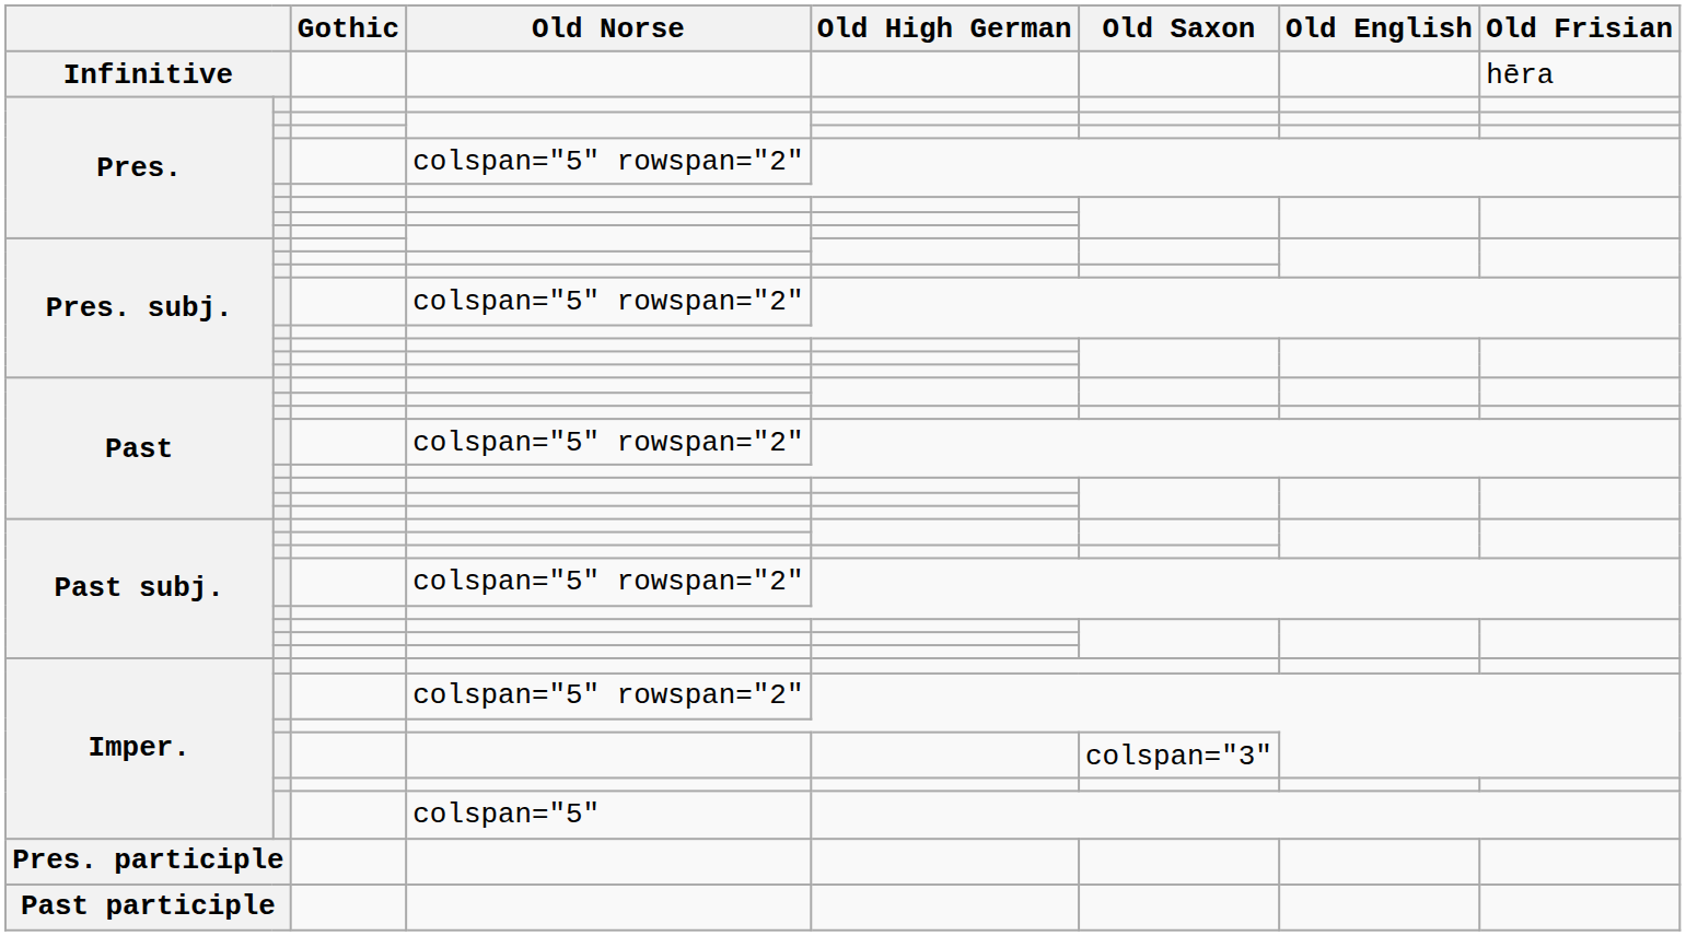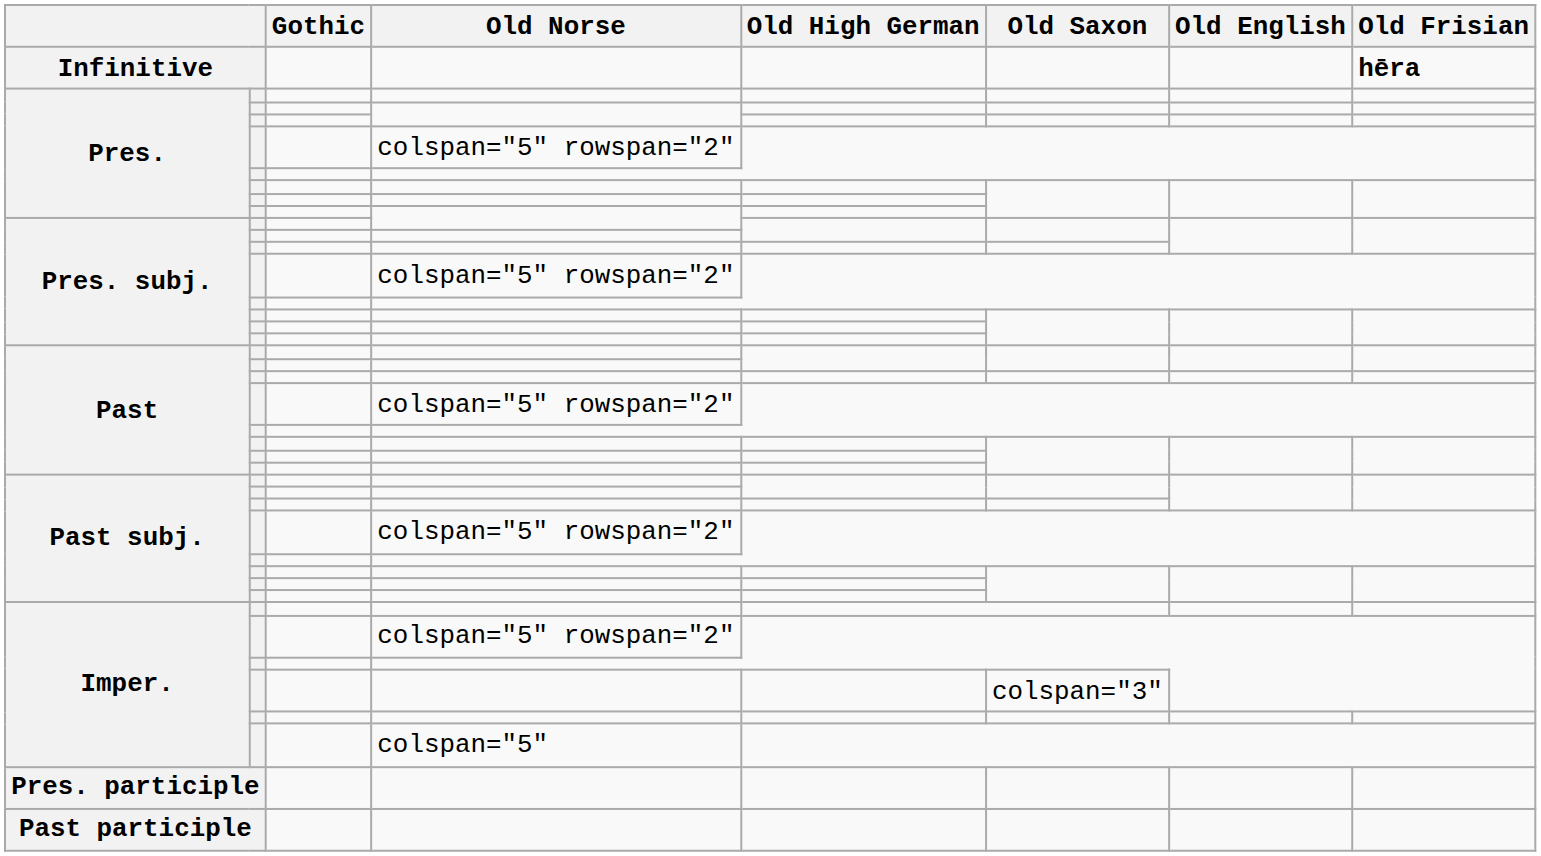 <table class="wikitable">
 <tr>
 <th colspan=2></th>
 <th>Gothic</th>
 <th>Old Norse</th>
 <th>Old High German</th>
 <th>Old Saxon</th>
 <th>Old English</th>
 <th>Old Frisian</th>
 </tr>
 <tr>
 <th colspan=2>Infinitive</th>
 <td></td>
 <td></td>
 <td></td>
 <td></td>
 <td></td>
-<td>hēra</td>
+<td><strong>hēra</strong></td>
 </tr>
 <tr>
 <th rowspan=8>Pres.</th>
 <th></th>
 <td></td>
 <td></td>
 <td></td>
 <td></td>
 <td></td>
 <td></td>
 </tr>
 <tr>
 <th></th>
 <td></td>
 <td rowspan="2"></td>
 <td></td>
 <td></td>
 <td></td>
 <td></td>
 </tr>
 <tr>
 <th></th>
 <td></td>
 <td></td>
 <td></td>
 <td></td>
 <td></td>
 </tr>
 <tr>
 <th></th>
 <td></td>
 <td>colspan="5" rowspan="2" </td>
 </tr>
 <tr>
 <th></th>
 <td></td>
 </tr>
 <tr>
 <th></th>
 <td></td>
 <td></td>
 <td></td>
 <td rowspan="3"></td>
 <td rowspan="3"></td>
 <td rowspan="3"></td>
 </tr>
 <tr>
 <th></th>
 <td></td>
 <td></td>
 <td></td>
 </tr>
 <tr>
 <th></th>
 <td></td>
 <td rowspan="2"></td>
 <td></td>
 </tr>
 <tr>
 <th rowspan=8>Pres. subj.</th>
 <th></th>
 <td></td>
 <td rowspan="2"></td>
 <td rowspan="2"></td>
 <td rowspan="3"></td>
 <td rowspan="3"></td>
 </tr>
 <tr>
 <th></th>
 <td></td>
 <td></td>
 </tr>
 <tr>
 <th></th>
 <td></td>
 <td></td>
 <td></td>
 <td></td>
 </tr>
 <tr>
 <th></th>
 <td></td>
 <td>colspan="5" rowspan="2" </td>
 </tr>
 <tr>
 <th></th>
 <td></td>
 </tr>
 <tr>
 <th></th>
 <td></td>
 <td></td>
 <td></td>
 <td rowspan="3"></td>
 <td rowspan="3"></td>
 <td rowspan="3"></td>
 </tr>
 <tr>
 <th></th>
 <td></td>
 <td></td>
 <td></td>
 </tr>
 <tr>
 <th></th>
 <td></td>
 <td></td>
 <td></td>
 </tr>
 <tr>
 <th rowspan=8>Past</th>
 <th></th>
 <td></td>
 <td></td>
 <td rowspan="2"></td>
 <td rowspan="2"></td>
 <td rowspan="2"></td>
 <td rowspan="2"></td>
 </tr>
 <tr>
 <th></th>
 <td></td>
 <td></td>
 </tr>
 <tr>
 <th></th>
 <td></td>
 <td></td>
 <td></td>
 <td></td>
 <td></td>
 <td></td>
 </tr>
 <tr>
 <th></th>
 <td></td>
 <td>colspan="5" rowspan="2" </td>
 </tr>
 <tr>
 <th></th>
 <td></td>
 </tr>
 <tr>
 <th></th>
 <td></td>
 <td></td>
 <td></td>
 <td rowspan="3"></td>
 <td rowspan="3"></td>
 <td rowspan="3"></td>
 </tr>
 <tr>
 <th></th>
 <td></td>
 <td></td>
 <td></td>
 </tr>
 <tr>
 <th></th>
 <td></td>
 <td></td>
 <td></td>
 </tr>
 <tr>
 <th rowspan=8>Past subj.</th>
 <th></th>
 <td></td>
 <td></td>
 <td rowspan="2"></td>
 <td rowspan="2"></td>
 <td rowspan="3"></td>
 <td rowspan="3"></td>
 </tr>
 <tr>
 <th></th>
 <td></td>
 <td></td>
 </tr>
 <tr>
 <th></th>
 <td></td>
 <td></td>
 <td></td>
 <td></td>
 </tr>
 <tr>
 <th></th>
 <td></td>
 <td>colspan="5" rowspan="2" </td>
 </tr>
 <tr>
 <th></th>
 <td></td>
 </tr>
 <tr>
 <th></th>
 <td></td>
 <td></td>
 <td></td>
 <td rowspan="3"></td>
 <td rowspan="3"></td>
 <td rowspan="3"></td>
 </tr>
 <tr>
 <th></th>
 <td></td>
 <td></td>
 <td></td>
 </tr>
 <tr>
 <th></th>
 <td></td>
 <td></td>
 <td></td>
 </tr>
 <tr>
 <th rowspan=6>Imper.</th>
 <th></th>
 <td></td>
 <td></td>
 <td colspan="2"></td>
 <td></td>
 <td></td>
 </tr>
 <tr>
 <th></th>
 <td></td>
 <td>colspan="5" rowspan="2" </td>
 </tr>
 <tr>
 <th></th>
 <td></td>
 </tr>
 <tr>
 <th></th>
 <td></td>
 <td></td>
 <td></td>
 <td>colspan="3" </td>
 </tr>
 <tr>
 <th></th>
 <td></td>
 <td></td>
 <td></td>
 <td></td>
 <td></td>
 <td></td>
 </tr>
 <tr>
 <th></th>
 <td></td>
 <td>colspan="5" </td>
 </tr>
 <tr>
 <th colspan=2>Pres. participle</th>
 <td></td>
 <td></td>
 <td></td>
 <td></td>
 <td></td>
 <td></td>
 </tr>
 <tr>
 <th colspan=2>Past participle</th>
 <td></td>
 <td></td>
 <td></td>
 <td></td>
 <td></td>
 <td></td>
 </tr>
 </table>
